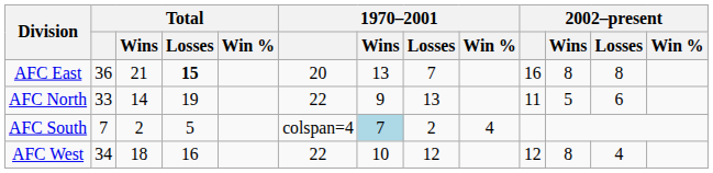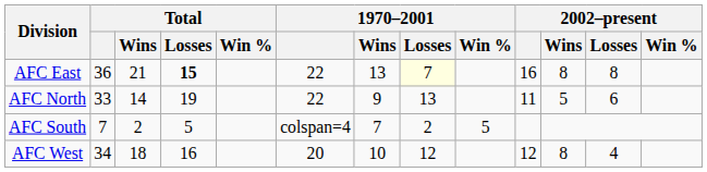 <table class="wikitable sortable plainrowheaders" style="text-align:center;">
 <tr>
 <th scope="col" rowspan=2>Division</th>
 <th scope="col" colspan=4>Total</th>
 <th scope="col" colspan=4>1970–2001</th>
 <th scope="col" colspan=4>2002–present</th>
 </tr>
 <tr>
 <th scope="col"></th>
 <th scope="col">Wins</th>
 <th scope="col">Losses</th>
 <th scope="col">Win %</th>
 <th scope="col"></th>
 <th scope="col">Wins</th>
 <th scope="col">Losses</th>
 <th scope="col">Win %</th>
 <th scope="col"></th>
 <th scope="col">Wins</th>
 <th scope="col">Losses</th>
 <th scope="col">Win %</th>
 </tr>
 <tr>
 <td><a href='#'>AFC East</a></td>
 <td>36</td>
 <td>21</td>
 <td><strong>15</strong></td>
 <td></td>
-<td>20</td>
+<td>22</td>
 <td>13</td>
-<td>7</td>
+<td style="background: lightyellow;">7</td>
 <td></td>
 <td>16</td>
 <td>8</td>
 <td>8</td>
 <td></td>
 </tr>
 <tr>
 <td><a href='#'>AFC North</a></td>
 <td>33</td>
 <td>14</td>
 <td>19</td>
 <td></td>
 <td>22</td>
 <td>9</td>
 <td>13</td>
 <td></td>
 <td>11</td>
 <td>5</td>
 <td>6</td>
 <td></td>
 </tr>
 <tr>
 <td><a href='#'>AFC South</a></td>
 <td>7</td>
 <td>2</td>
 <td>5</td>
 <td></td>
 <td>colspan=4 </td>
-<td style="background: lightblue;">7</td>
+<td>7</td>
 <td>2</td>
-<td>4</td>
+<td>5</td>
 <td></td>
 </tr>
 <tr>
 <td><a href='#'>AFC West</a></td>
 <td>34</td>
 <td>18</td>
 <td>16</td>
 <td></td>
-<td>22</td>
+<td>20</td>
 <td>10</td>
 <td>12</td>
 <td></td>
 <td>12</td>
 <td>8</td>
 <td>4</td>
 <td></td>
 </tr>
 </table>
